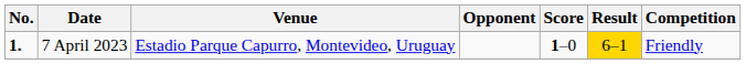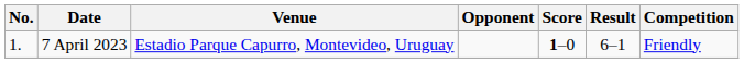 <table class="wikitable">
 <tr>
 <th>No.</th>
 <th>Date</th>
 <th>Venue</th>
 <th>Opponent</th>
 <th>Score</th>
 <th>Result</th>
 <th>Competition</th>
 </tr>
 <tr>
-<td><strong>1.</strong></td>
+<td>1.</td>
 <td>7 April 2023</td>
 <td><a href='#'>Estadio Parque Capurro</a>, <a href='#'>Montevideo</a>, <a href='#'>Uruguay</a></td>
 <td></td>
 <td align=center><strong>1</strong>–0</td>
-<td align=center style="background: gold;">6–1</td>
+<td align=center>6–1</td>
 <td><a href='#'>Friendly</a></td>
 </tr>
 <tr>
 </tr>
 </table>
